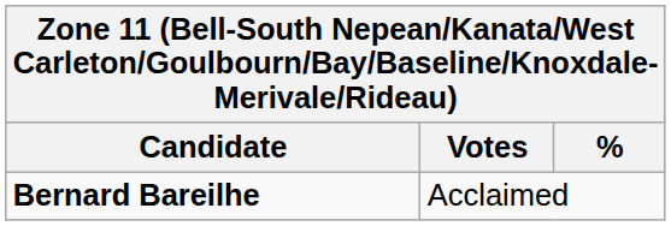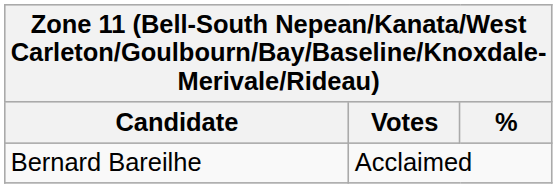 <table class="wikitable">
 <tr>
 <th colspan="3">Zone 11 (Bell-South Nepean/Kanata/West Carleton/Goulbourn/Bay/Baseline/Knoxdale-Merivale/Rideau)</th>
 </tr>
 <tr>
 <th style="width: 170px">Candidate</th>
 <th style="width: 50px">Votes</th>
 <th style="width: 40px">%</th>
 </tr>
 <tr>
-<td><strong>Bernard Bareilhe</strong></td>
+<td>Bernard Bareilhe</td>
 <td colspan="2">Acclaimed</td>
 </tr>
 </table>
